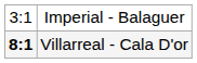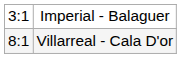 <table class="wikitable">
 <tr align=center bgcolor=white>
 <td>3:1</td>
 <td>Imperial - Balaguer</td>
 </tr>
 <tr align=center bgcolor=#F5F5F5>
-<td><strong>8:1</strong></td>
+<td>8:1</td>
 <td>Villarreal - Cala D'or</td>
 </tr>
 </table>
